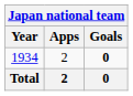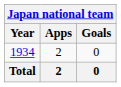 <table class="wikitable" style="text-align:center">
 <tr>
 <th colspan=3><a href='#'>Japan national team</a></th>
 </tr>
 <tr>
 <th>Year</th>
 <th>Apps</th>
 <th>Goals</th>
 </tr>
 <tr>
 <td><a href='#'>1934</a></td>
 <td>2</td>
-<td><strong>0</strong></td>
+<td>0</td>
 </tr>
 <tr>
 <th>Total</th>
 <th>2</th>
 <th>0</th>
 </tr>
 </table>
